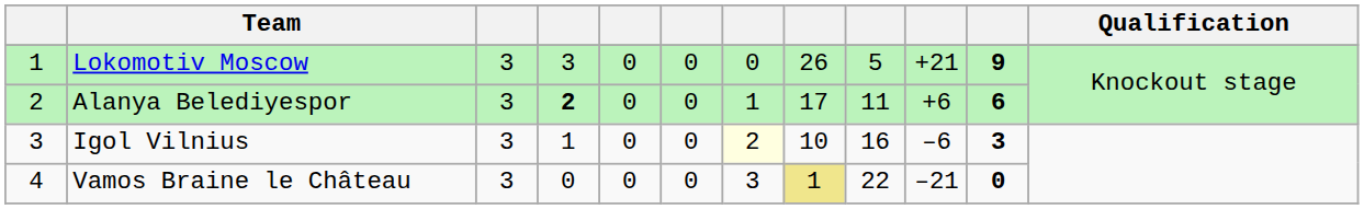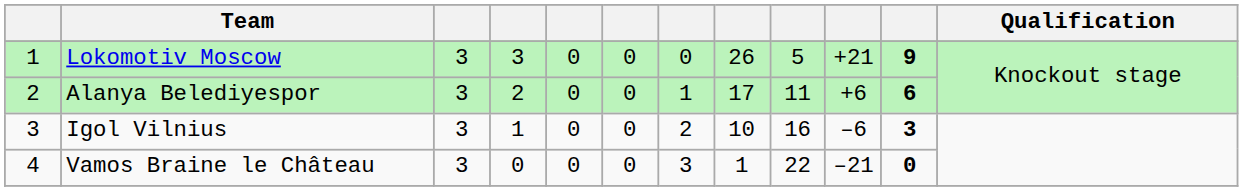 <table class="wikitable" style="font-size: 95%">
 <tr>
 <th width="25"></th>
 <th width="200">Team</th>
 <th width="25"></th>
 <th width="25"></th>
 <th width="25"></th>
 <th width="25"></th>
 <th width="25"></th>
 <th width="25"></th>
 <th width="25"></th>
 <th width="25"></th>
 <th width="25"></th>
 <th width="160">Qualification</th>
 </tr>
 <tr align=center bgcolor=#bbf3bb>
 <td>1</td>
 <td align=left> <a href='#'>Lokomotiv Moscow</a></td>
 <td>3</td>
 <td>3</td>
 <td>0</td>
 <td>0</td>
 <td>0</td>
 <td>26</td>
 <td>5</td>
 <td>+21</td>
 <td><strong>9</strong></td>
 <td rowspan=2>Knockout stage</td>
 </tr>
 <tr align=center bgcolor=#bbf3bb>
 <td>2</td>
 <td align=left> Alanya Belediyespor</td>
 <td>3</td>
-<td><strong>2</strong></td>
+<td>2</td>
 <td>0</td>
 <td>0</td>
 <td>1</td>
 <td>17</td>
 <td>11</td>
 <td>+6</td>
 <td><strong>6</strong></td>
 </tr>
 <tr align=center>
 <td>3</td>
 <td align=left> Igol Vilnius</td>
 <td>3</td>
 <td>1</td>
 <td>0</td>
 <td>0</td>
-<td style="background: lightyellow;">2</td>
+<td>2</td>
 <td>10</td>
 <td>16</td>
 <td>–6</td>
 <td><strong>3</strong></td>
 <td rowspan=2></td>
 </tr>
 <tr align=center>
 <td>4</td>
 <td align=left> Vamos Braine le Château</td>
 <td>3</td>
 <td>0</td>
 <td>0</td>
 <td>0</td>
 <td>3</td>
-<td style="background: khaki;">1</td>
+<td>1</td>
 <td>22</td>
 <td>–21</td>
 <td><strong>0</strong></td>
 </tr>
 </table>
